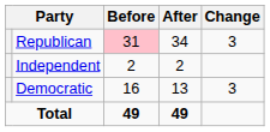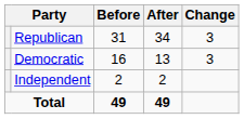 <table class="wikitable" style="text-align:center;">
 <tr>
 <th colspan="2">Party</th>
 <th>Before</th>
 <th>After</th>
 <th>Change</th>
 </tr>
 <tr>
 <th style="background-color:"></th>
 <td style="text-align:left;"><a href='#'>Republican</a></td>
-<td style="background: pink;">31</td>
+<td>31</td>
 <td>34</td>
+<td> 3</td>
+</tr>
+<tr>
+<th style="background-color:"></th>
+<td style="text-align:left;"><a href='#'>Democratic</a></td>
+<td>16</td>
+<td>13</td>
 <td> 3</td>
 </tr>
 <tr>
 <th style="background-color:"></th>
 <td style="text-align:left;"><a href='#'>Independent</a></td>
 <td>2</td>
 <td>2</td>
 <td></td>
 </tr>
 <tr>
-<th style="background-color:"></th>
-<td style="text-align:left;"><a href='#'>Democratic</a></td>
-<td>16</td>
-<td>13</td>
-<td> 3</td>
-</tr>
-<tr>
 <td colspan="2"><strong>Total</strong></td>
 <td><strong>49</strong></td>
 <td><strong>49</strong></td>
 <td></td>
 </tr>
 </table>
